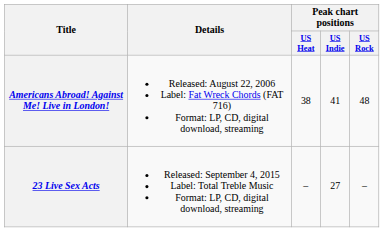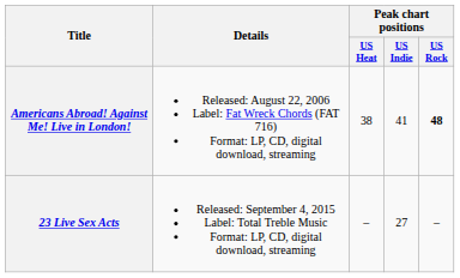 <table class="wikitable plainrowheaders" style="text-align:center;" border="1">
 <tr>
 <th scope="col" rowspan="2" style="width:12em;">Title</th>
 <th scope="col" rowspan="2" style="width:16em;">Details</th>
 <th scope="col" colspan="3">Peak chart positions</th>
 </tr>
 <tr>
 <th scope="col" style="width:3em;font-size:85%;"><a href='#'>US<br>Heat</a><br></th>
 <th scope="col" style="width:3em;font-size:85%;"><a href='#'>US<br>Indie</a><br></th>
 <th scope="col" style="width:3em;font-size:85%;"><a href='#'>US<br>Rock</a><br></th>
 </tr>
 <tr>
 <th scope="row"><em><a href='#'>Americans Abroad! Against Me! Live in London!</a></em></th>
 <td><br><ul><li>Released: August 22, 2006</li><li>Label: <a href='#'>Fat Wreck Chords</a> (FAT 716)</li><li>Format: LP, CD, digital download, streaming</li></ul></td>
 <td>38</td>
 <td>41</td>
-<td>48</td>
+<td><strong>48</strong></td>
 </tr>
 <tr>
 <th scope="row"><em><a href='#'>23 Live Sex Acts</a></em></th>
 <td><br><ul><li>Released: September 4, 2015</li><li>Label: Total Treble Music</li><li>Format: LP, CD, digital download, streaming</li></ul></td>
 <td>–</td>
 <td>27</td>
 <td>–</td>
 </tr>
 </table>
